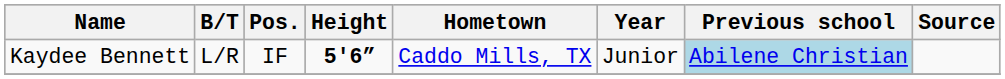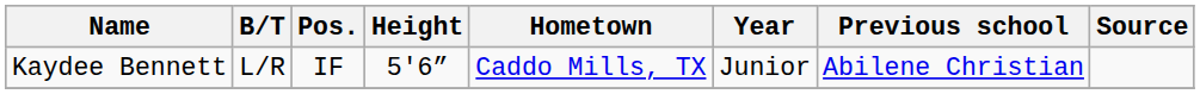 <table class="wikitable sortable">
 <tr>
 <th style="text-align:center; ">Name</th>
 <th style="text-align:center; ">B/T</th>
 <th style="text-align:center; ">Pos.</th>
 <th style="text-align:center; ">Height</th>
 <th style="text-align:center; ">Hometown</th>
 <th style="text-align:center; ">Year</th>
 <th style="text-align:center; ">Previous school</th>
 <th style="text-align:center; ">Source</th>
 </tr>
 <tr align="center">
 <td>Kaydee Bennett</td>
 <td>L/R</td>
 <td>IF</td>
-<td><strong>5'6”</strong></td>
+<td>5'6”</td>
 <td><a href='#'>Caddo Mills, TX</a></td>
 <td>Junior</td>
-<td style="background: lightblue;"><a href='#'>Abilene Christian</a></td>
+<td><a href='#'>Abilene Christian</a></td>
 <td></td>
 </tr>
 <tr>
 </tr>
 </table>
